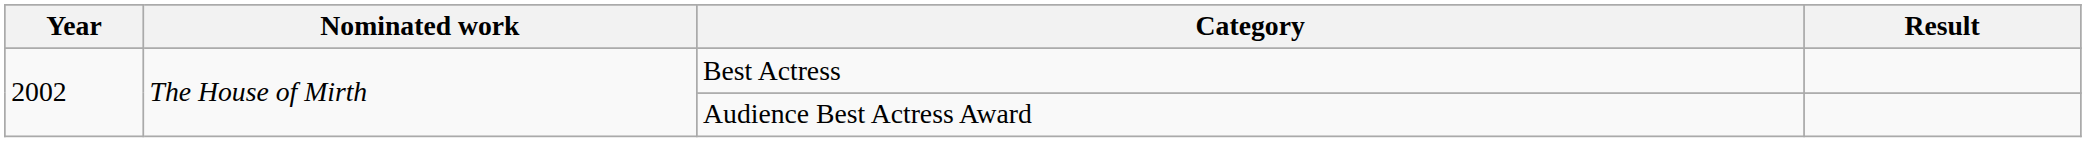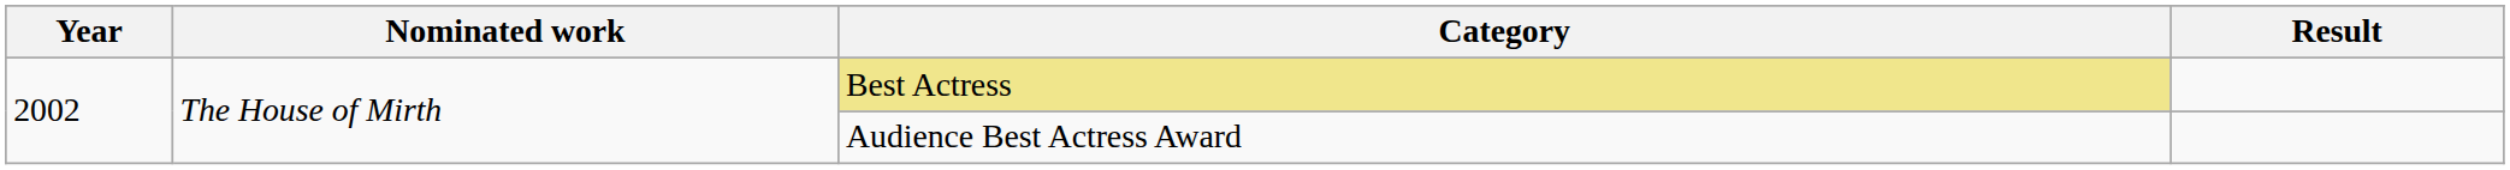 <table style="width:95%;" class="wikitable sortable">
 <tr>
 <th style="width:5%;">Year</th>
 <th style="width:20%;">Nominated work</th>
 <th style="width:40%;">Category</th>
 <th style="width:10%;">Result</th>
 </tr>
 <tr>
 <td rowspan="2">2002</td>
 <td rowspan="2"><em>The House of Mirth</em></td>
-<td>Best Actress</td>
+<td style="background: khaki;">Best Actress</td>
 <td></td>
 </tr>
 <tr>
 <td>Audience Best Actress Award</td>
 <td></td>
 </tr>
 </table>
